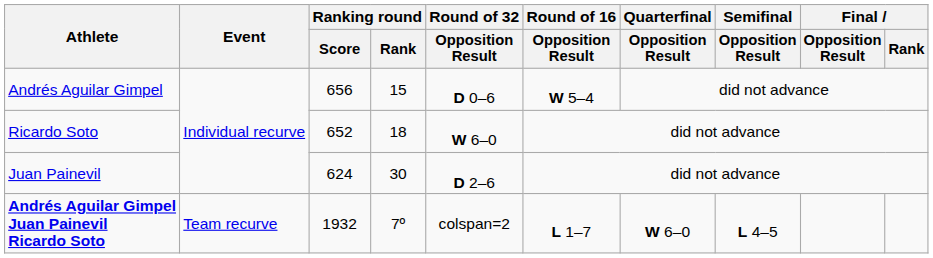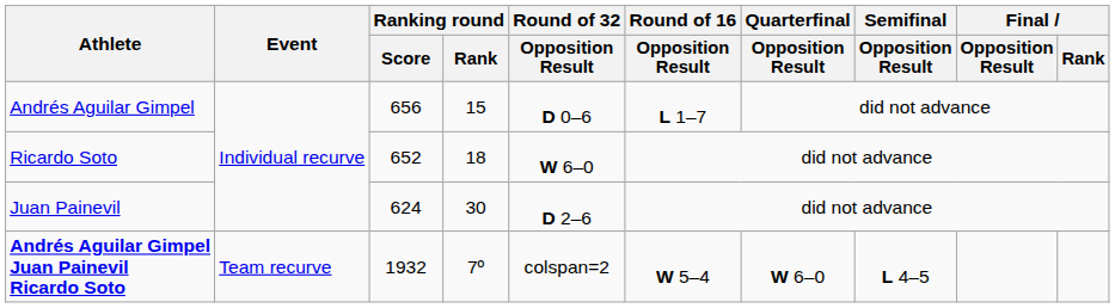 <table class=wikitable style=font-size:90%;text-align:center>
 <tr>
 <th rowspan=2>Athlete</th>
 <th rowspan=2>Event</th>
 <th colspan=2>Ranking round</th>
 <th>Round of 32</th>
 <th>Round of 16</th>
 <th>Quarterfinal</th>
 <th>Semifinal</th>
 <th colspan=2>Final / </th>
 </tr>
 <tr style=font-size:95%>
 <th>Score</th>
 <th>Rank</th>
 <th>Opposition<br>Result</th>
 <th>Opposition<br>Result</th>
 <th>Opposition<br>Result</th>
 <th>Opposition<br>Result</th>
 <th>Opposition<br>Result</th>
 <th>Rank</th>
 </tr>
 <tr>
 <td align=left><a href='#'>Andrés Aguilar Gimpel</a></td>
 <td align=left rowspan=3><a href='#'>Individual recurve</a></td>
 <td>656</td>
 <td>15</td>
 <td><br><strong>D</strong> 0–6</td>
-<td><br><strong>W</strong> 5–4</td>
+<td><br><strong>L</strong> 1–7</td>
 <td colspan=4>did not advance</td>
 </tr>
 <tr align=center>
 <td align=left><a href='#'>Ricardo Soto</a></td>
 <td>652</td>
 <td>18</td>
 <td><br><strong>W</strong> 6–0</td>
 <td colspan=5>did not advance</td>
 </tr>
 <tr align=center>
 <td align=left><a href='#'>Juan Painevil</a></td>
 <td>624</td>
 <td>30</td>
 <td><br><strong>D</strong> 2–6</td>
 <td colspan=5>did not advance</td>
 </tr>
 <tr align=center>
 <td align=left><strong><a href='#'>Andrés Aguilar Gimpel</a><br><a href='#'>Juan Painevil</a><br><a href='#'>Ricardo Soto</a></strong></td>
 <td align=left><a href='#'>Team recurve</a></td>
 <td>1932</td>
 <td>7º</td>
 <td>colspan=2 </td>
-<td><br><strong>L</strong> 1–7</td>
+<td><br><strong>W</strong> 5–4</td>
 <td><br><strong>W</strong> 6–0</td>
 <td><br><strong>L</strong> 4–5</td>
 <td></td>
 </tr>
 </table>
